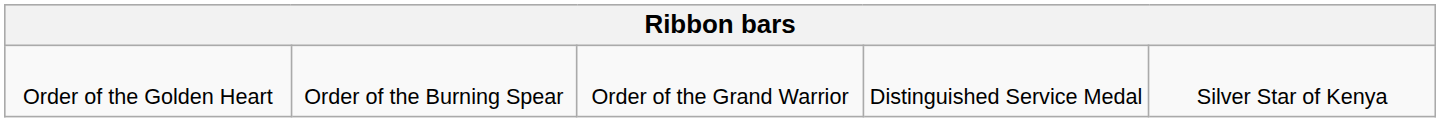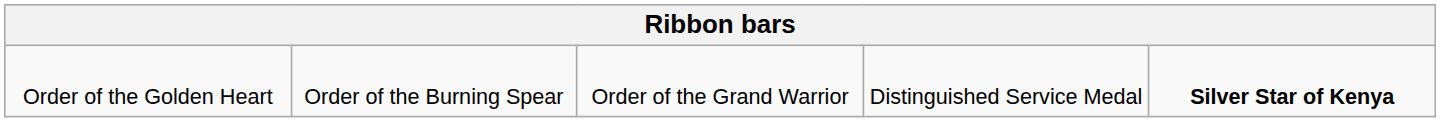 <table align=center class=wikitable width=100%>
 <tr>
 <th colspan=5><strong>Ribbon bars</strong></th>
 </tr>
 <tr>
 <td width=20% valign=top align=center><br><small>Order of the Golden Heart</small></td>
 <td width=20% valign=top align=center><br><small>Order of the Burning Spear</small></td>
 <td width=20% valign=top align=center><br><small>Order of the Grand Warrior</small></td>
 <td width=20% valign=top align=center><br><small>Distinguished Service Medal</small></td>
-<td width=20% valign=top align=center><br><small>Silver Star of Kenya</small></td>
+<td width=20% valign=top align=center><strong><br><small>Silver Star of Kenya</small></strong></td>
 </tr>
 </table>
